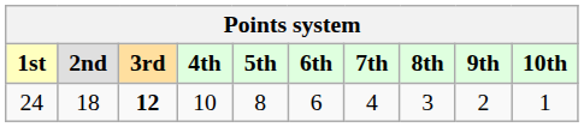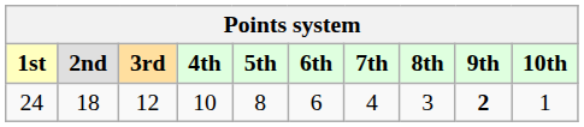 <table class="wikitable" style="font-size: 85%; text-align: center">
 <tr>
 <th colspan=19>Points system</th>
 </tr>
 <tr>
 <td style="background:#ffffbf;"> <strong>1st</strong> </td>
 <td style="background:#dfdfdf;"> <strong>2nd</strong> </td>
 <td style="background:#ffdf9f;"> <strong>3rd</strong> </td>
 <td style="background:#dfffdf;"> <strong>4th</strong> </td>
 <td style="background:#dfffdf;"> <strong>5th</strong> </td>
 <td style="background:#dfffdf;"> <strong>6th</strong> </td>
 <td style="background:#dfffdf;"> <strong>7th</strong> </td>
 <td style="background:#dfffdf;"> <strong>8th</strong> </td>
 <td style="background:#dfffdf;"> <strong>9th</strong> </td>
 <td style="background:#dfffdf;"> <strong>10th</strong> </td>
 </tr>
 <tr>
 <td>24</td>
 <td>18</td>
-<td><strong>12</strong></td>
+<td>12</td>
 <td>10</td>
 <td>8</td>
 <td>6</td>
 <td>4</td>
 <td>3</td>
-<td>2</td>
+<td><strong>2</strong></td>
 <td>1</td>
 </tr>
 </table>
